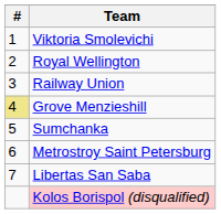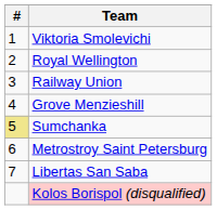 <table class=wikitable>
 <tr align=center>
 </tr>
 <tr>
 <th width=20>#</th>
 <th width=200>Team</th>
 </tr>
 <tr>
 <td>1</td>
 <td> <a href='#'>Viktoria Smolevichi</a></td>
 </tr>
 <tr>
 <td>2</td>
 <td> <a href='#'>Royal Wellington</a></td>
 </tr>
 <tr>
 <td>3</td>
 <td> <a href='#'>Railway Union</a></td>
 </tr>
 <tr>
-<td style="background: khaki;">4</td>
+<td>4</td>
 <td> <a href='#'>Grove Menzieshill</a></td>
 </tr>
 <tr>
-<td>5</td>
+<td style="background: khaki;">5</td>
 <td> <a href='#'>Sumchanka</a></td>
 </tr>
 <tr>
 <td>6</td>
 <td> <a href='#'>Metrostroy Saint Petersburg</a></td>
 </tr>
 <tr>
 <td>7</td>
 <td> <a href='#'>Libertas San Saba</a></td>
 </tr>
 <tr>
 <td></td>
 <td bgcolor=ffcccc> <a href='#'>Kolos Borispol</a> <em>(disqualified)</em></td>
 </tr>
 </table>
